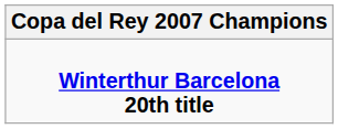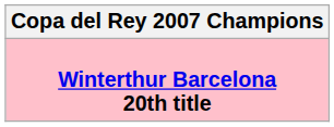 <table class=wikitable style="text-align:center; margin:auto">
 <tr>
 <th>Copa del Rey 2007 Champions</th>
 </tr>
 <tr>
-<td><br> <strong><a href='#'>Winterthur Barcelona</a></strong> <br> <strong>20th title</strong></td>
+<td style="background: pink;"><br> <strong><a href='#'>Winterthur Barcelona</a></strong> <br> <strong>20th title</strong></td>
 </tr>
 </table>
